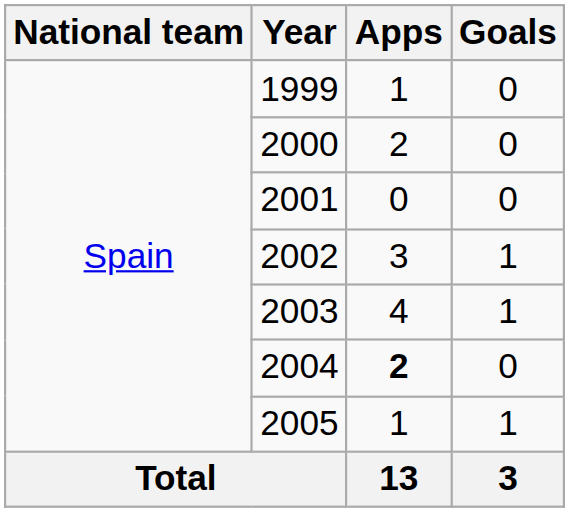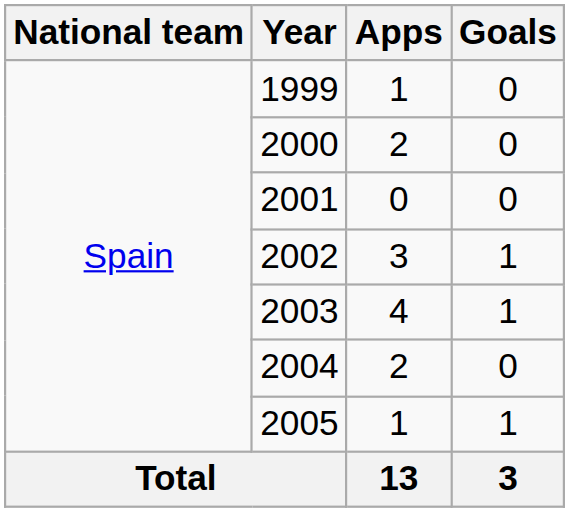 <table class="wikitable" style="text-align:center">
 <tr>
 <th>National team</th>
 <th>Year</th>
 <th>Apps</th>
 <th>Goals</th>
 </tr>
 <tr>
 <td rowspan="7"><a href='#'>Spain</a></td>
 <td>1999</td>
 <td>1</td>
 <td>0</td>
 </tr>
 <tr>
 <td>2000</td>
 <td>2</td>
 <td>0</td>
 </tr>
 <tr>
 <td>2001</td>
 <td>0</td>
 <td>0</td>
 </tr>
 <tr>
 <td>2002</td>
 <td>3</td>
 <td>1</td>
 </tr>
 <tr>
 <td>2003</td>
 <td>4</td>
 <td>1</td>
 </tr>
 <tr>
 <td>2004</td>
-<td><strong>2</strong></td>
+<td>2</td>
 <td>0</td>
 </tr>
 <tr>
 <td>2005</td>
 <td>1</td>
 <td>1</td>
 </tr>
 <tr>
 <th colspan="2">Total</th>
 <th>13</th>
 <th>3</th>
 </tr>
 </table>
